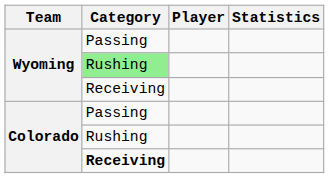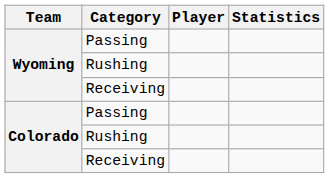 <table class="wikitable" style="float:right">
 <tr>
 <th>Team</th>
 <th>Category</th>
 <th>Player</th>
 <th>Statistics</th>
 </tr>
 <tr>
 <th rowspan=3>Wyoming</th>
 <td>Passing</td>
 <td></td>
 <td></td>
 </tr>
 <tr>
-<td style="background: lightgreen;">Rushing</td>
+<td>Rushing</td>
 <td></td>
 <td></td>
 </tr>
 <tr>
 <td>Receiving</td>
 <td></td>
 <td></td>
 </tr>
 <tr>
 <th rowspan=3>Colorado</th>
 <td>Passing</td>
 <td></td>
 <td></td>
 </tr>
 <tr>
 <td>Rushing</td>
 <td></td>
 <td></td>
 </tr>
 <tr>
-<td><strong>Receiving</strong></td>
+<td>Receiving</td>
 <td></td>
 <td></td>
 </tr>
 </table>
